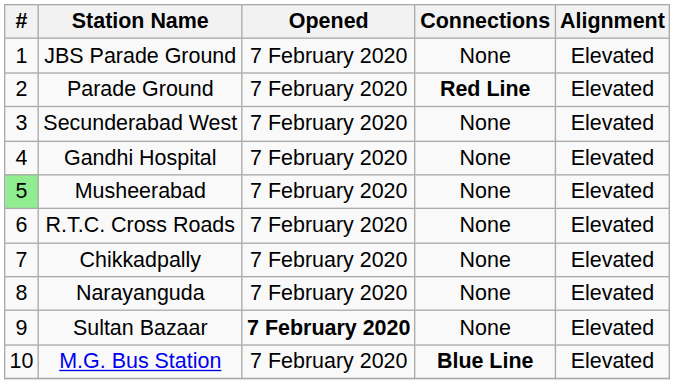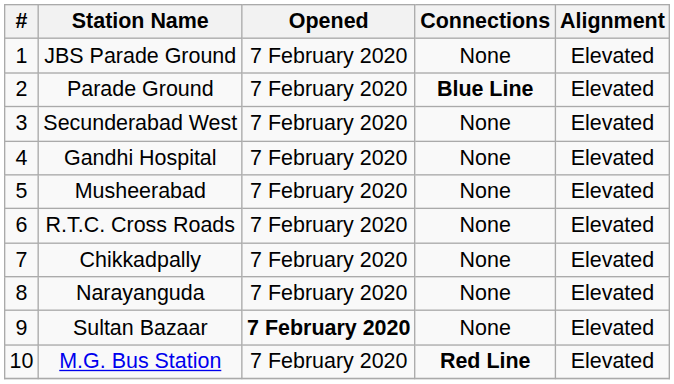 <table class="wikitable" style="text-align: center;">
 <tr>
 <th>#</th>
 <th>Station Name</th>
 <th>Opened</th>
 <th>Connections</th>
 <th>Alignment</th>
 </tr>
 <tr>
 <td>1</td>
 <td>JBS Parade Ground</td>
 <td>7 February 2020</td>
 <td>None</td>
 <td>Elevated</td>
 </tr>
 <tr>
 <td>2</td>
 <td>Parade Ground</td>
 <td>7 February 2020</td>
-<td style="background:#"><strong><span>Red Line</span></strong></td>
+<td style="background:#"><strong><span>Blue Line</span></strong></td>
 <td>Elevated</td>
 </tr>
 <tr>
 <td>3</td>
 <td>Secunderabad West</td>
 <td>7 February 2020</td>
 <td>None</td>
 <td>Elevated</td>
 </tr>
 <tr>
 <td>4</td>
 <td>Gandhi Hospital</td>
 <td>7 February 2020</td>
 <td>None</td>
 <td>Elevated</td>
 </tr>
 <tr>
-<td style="background: lightgreen;">5</td>
+<td>5</td>
 <td>Musheerabad</td>
 <td>7 February 2020</td>
 <td>None</td>
 <td>Elevated</td>
 </tr>
 <tr>
 <td>6</td>
 <td>R.T.C. Cross Roads</td>
 <td>7 February 2020</td>
 <td>None</td>
 <td>Elevated</td>
 </tr>
 <tr>
 <td>7</td>
 <td>Chikkadpally</td>
 <td>7 February 2020</td>
 <td>None</td>
 <td>Elevated</td>
 </tr>
 <tr>
 <td>8</td>
 <td>Narayanguda</td>
 <td>7 February 2020</td>
 <td>None</td>
 <td>Elevated</td>
 </tr>
 <tr>
 <td>9</td>
 <td>Sultan Bazaar</td>
 <td><strong>7 February 2020</strong></td>
 <td>None</td>
 <td>Elevated</td>
 </tr>
 <tr>
 <td>10</td>
 <td><a href='#'>M.G. Bus Station</a></td>
 <td>7 February 2020</td>
-<td style="background:#"><strong><span>Blue Line</span></strong></td>
+<td style="background:#"><strong><span>Red Line</span></strong></td>
 <td>Elevated</td>
 </tr>
 <tr>
 </tr>
 </table>
